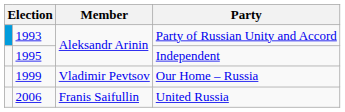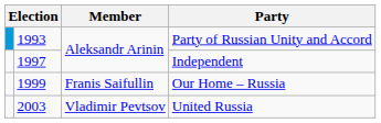 <table class="wikitable">
 <tr>
 <th colspan="2">Election</th>
 <th>Member</th>
 <th>Party</th>
 </tr>
 <tr>
 <td style="background-color:#019CDC"></td>
 <td><a href='#'>1993</a></td>
 <td rowspan=2><a href='#'>Aleksandr Arinin</a></td>
 <td><a href='#'>Party of Russian Unity and Accord</a></td>
 </tr>
 <tr>
 <td style="background-color:"></td>
-<td><a href='#'>1995</a></td>
+<td><a href='#'>1997</a></td>
 <td><a href='#'>Independent</a></td>
 </tr>
 <tr>
 <td style="background-color:"></td>
 <td><a href='#'>1999</a></td>
-<td><a href='#'>Vladimir Pevtsov</a></td>
+<td><a href='#'>Franis Saifullin</a></td>
 <td><a href='#'>Our Home – Russia</a></td>
 </tr>
 <tr>
 <td style="background-color:"></td>
-<td><a href='#'>2006</a></td>
-<td><a href='#'>Franis Saifullin</a></td>
+<td><a href='#'>2003</a></td>
+<td><a href='#'>Vladimir Pevtsov</a></td>
 <td><a href='#'>United Russia</a></td>
 </tr>
 </table>
